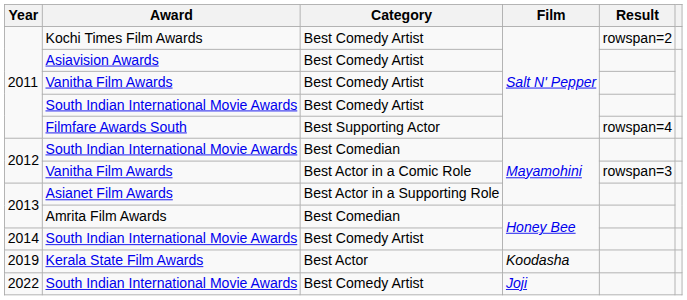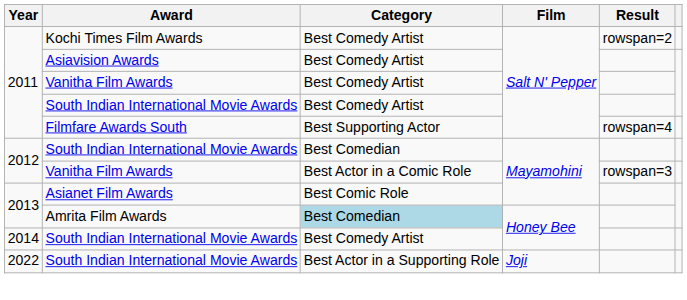 <table class="wikitable sortable">
 <tr>
 <th>Year</th>
 <th>Award</th>
 <th>Category</th>
 <th>Film</th>
 <th>Result</th>
 <th class=unsortable></th>
 </tr>
 <tr>
 <td rowspan=5>2011</td>
 <td>Kochi Times Film Awards</td>
 <td>Best Comedy Artist</td>
 <td rowspan=5><em><a href='#'>Salt N' Pepper</a></em></td>
 <td>rowspan=2 </td>
 <td></td>
 </tr>
 <tr>
 <td><a href='#'>Asiavision Awards</a></td>
 <td>Best Comedy Artist</td>
 <td></td>
 </tr>
 <tr>
 <td><a href='#'>Vanitha Film Awards</a></td>
 <td>Best Comedy Artist</td>
 <td></td>
 </tr>
 <tr>
 <td><a href='#'>South Indian International Movie Awards</a></td>
 <td>Best Comedy Artist</td>
 <td></td>
 </tr>
 <tr>
 <td><a href='#'>Filmfare Awards South</a></td>
 <td>Best Supporting Actor</td>
 <td>rowspan=4 </td>
 <td></td>
 </tr>
 <tr>
 <td rowspan=2>2012</td>
 <td><a href='#'>South Indian International Movie Awards</a></td>
 <td>Best Comedian</td>
 <td rowspan=3><em><a href='#'>Mayamohini</a></em></td>
 <td></td>
 </tr>
 <tr>
 <td><a href='#'>Vanitha Film Awards</a></td>
 <td>Best Actor in a Comic Role</td>
 <td>rowspan=3 </td>
 <td></td>
 </tr>
 <tr>
 <td rowspan=2>2013</td>
 <td><a href='#'>Asianet Film Awards</a></td>
-<td>Best Actor in a Supporting Role</td>
+<td>Best Comic Role</td>
 <td></td>
 </tr>
 <tr>
 <td>Amrita Film Awards</td>
-<td>Best Comedian</td>
+<td style="background: lightblue;">Best Comedian</td>
 <td rowspan=2><em><a href='#'>Honey Bee</a></em></td>
 <td></td>
 </tr>
 <tr>
 <td>2014</td>
 <td><a href='#'>South Indian International Movie Awards</a></td>
 <td>Best Comedy Artist</td>
 <td></td>
 <td></td>
 </tr>
 <tr>
-<td>2019</td>
-<td><a href='#'>Kerala State Film Awards</a></td>
-<td>Best Actor</td>
-<td><em>Koodasha</em></td>
-<td></td>
-<td></td>
-</tr>
-<tr>
 <td>2022</td>
 <td><a href='#'>South Indian International Movie Awards</a></td>
-<td>Best Comedy Artist</td>
+<td>Best Actor in a Supporting Role</td>
 <td><em><a href='#'>Joji</a></em></td>
 <td></td>
 <td></td>
 </tr>
 </table>
